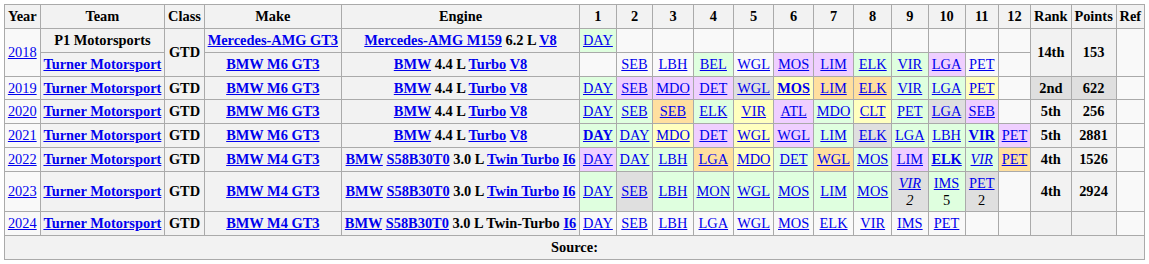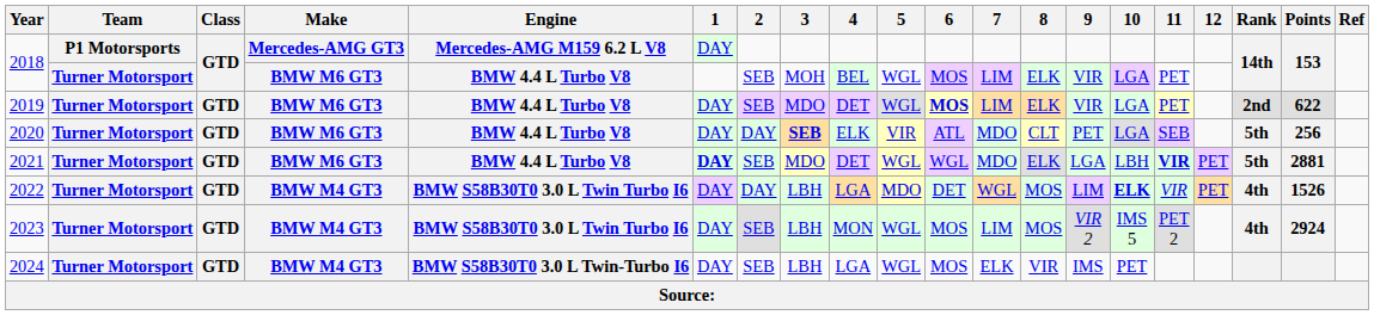 <table class="wikitable" style="text-align:center; font-size:90%">
 <tr>
 <th>Year</th>
 <th>Team</th>
 <th>Class</th>
 <th>Make</th>
 <th>Engine</th>
 <th>1</th>
 <th>2</th>
 <th>3</th>
 <th>4</th>
 <th>5</th>
 <th>6</th>
 <th>7</th>
 <th>8</th>
 <th>9</th>
 <th>10</th>
 <th>11</th>
 <th>12</th>
 <th>Rank</th>
 <th>Points</th>
 <th>Ref</th>
 </tr>
 <tr>
 <td rowspan=2><a href='#'>2018</a></td>
 <th>P1 Motorsports</th>
 <th rowspan=2>GTD</th>
 <th><a href='#'>Mercedes-AMG GT3</a></th>
 <th><a href='#'>Mercedes-AMG M159</a> 6.2 L <a href='#'>V8</a></th>
 <td style="background:#DFFFDF;"><a href='#'>DAY</a><br></td>
 <td></td>
 <td></td>
 <td></td>
 <td></td>
 <td></td>
 <td></td>
 <td></td>
 <td></td>
 <td></td>
 <td></td>
 <td></td>
 <th rowspan=2>14th</th>
 <th rowspan=2>153</th>
 <td rowspan="2"></td>
 </tr>
 <tr>
 <th><a href='#'>Turner Motorsport</a></th>
 <th><a href='#'>BMW M6 GT3</a></th>
 <th><a href='#'>BMW</a> 4.4 L <a href='#'>Turbo</a> <a href='#'>V8</a></th>
 <td></td>
 <td><a href='#'>SEB</a></td>
-<td><a href='#'>LBH</a></td>
+<td><a href='#'>MOH</a></td>
 <td style="background:#DFFFDF;"><a href='#'>BEL</a><br></td>
 <td><a href='#'>WGL</a></td>
 <td style="background:#EFCFFF;"><a href='#'>MOS</a><br></td>
 <td style="background:#EFCFFF;"><a href='#'>LIM</a><br></td>
 <td style="background:#DFFFDF;"><a href='#'>ELK</a><br></td>
 <td style="background:#DFFFDF;"><a href='#'>VIR</a><br></td>
 <td style="background:#EFCFFF;"><a href='#'>LGA</a><br></td>
 <td><a href='#'>PET</a></td>
 <td></td>
 </tr>
 <tr>
 <td><a href='#'>2019</a></td>
 <th><a href='#'>Turner Motorsport</a></th>
 <th>GTD</th>
 <th><a href='#'>BMW M6 GT3</a></th>
 <th><a href='#'>BMW</a> 4.4 L <a href='#'>Turbo</a> <a href='#'>V8</a></th>
 <td style="background:#DFFFDF;"><a href='#'>DAY</a><br></td>
 <td style="background:#EFCFFF;"><a href='#'>SEB</a><br></td>
 <td style="background:#EFCFFF;"><a href='#'>MDO</a><br></td>
 <td style="background:#EFCFFF;"><a href='#'>DET</a><br></td>
 <td style="background:#DFDFDF;"><a href='#'>WGL</a><br></td>
 <td style="background:#FFFFBF;"><strong><a href='#'>MOS</a></strong><br></td>
 <td style="background:#FFDF9F;"><a href='#'>LIM</a><br></td>
 <td style="background:#FFDF9F;"><a href='#'>ELK</a><br></td>
 <td style="background:#DFFFDF;"><a href='#'>VIR</a><br></td>
 <td style="background:#DFFFDF;"><a href='#'>LGA</a><br></td>
 <td style="background:#FFFFBF;"><a href='#'>PET</a><br></td>
 <td></td>
 <th style="background:#DFDFDF;">2nd</th>
 <th style="background:#DFDFDF;">622</th>
 <td></td>
 </tr>
 <tr>
 <td><a href='#'>2020</a></td>
 <th><a href='#'>Turner Motorsport</a></th>
 <th>GTD</th>
 <th><a href='#'>BMW M6 GT3</a></th>
 <th><a href='#'>BMW</a> 4.4 L <a href='#'>Turbo</a> <a href='#'>V8</a></th>
 <td style="background:#DFFFDF;"><a href='#'>DAY</a><br></td>
-<td style="background:#DFFFDF;"><a href='#'>SEB</a><br></td>
-<td style="background:#FFDF9F;"><a href='#'>SEB</a><br></td>
+<td style="background:#DFFFDF;"><a href='#'>DAY</a><br></td>
+<td style="background:#FFDF9F;"><strong><a href='#'>SEB</a><br></strong></td>
 <td style="background:#DFFFDF;"><a href='#'>ELK</a><br></td>
 <td style="background:#FFFFBF;"><a href='#'>VIR</a><br></td>
 <td style="background:#EFCFFF;"><a href='#'>ATL</a><br></td>
 <td style="background:#DFFFDF;"><a href='#'>MDO</a><br></td>
 <td style="background:#FFFFBF;"><a href='#'>CLT</a><br></td>
 <td style="background:#DFFFDF;"><a href='#'>PET</a><br></td>
 <td style="background:#DFDFDF;"><a href='#'>LGA</a><br></td>
 <td style="background:#EFCFFF;"><a href='#'>SEB</a><br></td>
 <td></td>
 <th>5th</th>
 <th>256</th>
 <td></td>
 </tr>
 <tr>
 <td><a href='#'>2021</a></td>
 <th><a href='#'>Turner Motorsport</a></th>
 <th>GTD</th>
 <th><a href='#'>BMW M6 GT3</a></th>
 <th><a href='#'>BMW</a> 4.4 L <a href='#'>Turbo</a> <a href='#'>V8</a></th>
 <td style="background:#DFFFDF;"><strong><a href='#'>DAY</a></strong><br></td>
-<td style="background:#DFFFDF;"><a href='#'>DAY</a><br></td>
+<td style="background:#DFFFDF;"><a href='#'>SEB</a><br></td>
 <td style="background:#FFFFBF;"><a href='#'>MDO</a><br></td>
 <td style="background:#EFCFFF;"><a href='#'>DET</a><br></td>
 <td style="background:#FFFFBF;"><a href='#'>WGL</a><br></td>
 <td style="background:#EFCFFF;"><a href='#'>WGL</a><br></td>
-<td style="background:#DFFFDF;"><a href='#'>LIM</a><br></td>
+<td style="background:#DFFFDF;"><a href='#'>MDO</a><br></td>
 <td style="background:#DFDFDF;"><a href='#'>ELK</a><br></td>
 <td style="background:#DFFFDF;"><a href='#'>LGA</a><br></td>
 <td style="background:#DFFFDF;"><a href='#'>LBH</a><br></td>
 <td style="background:#DFFFDF;"><strong><a href='#'>VIR</a></strong><br></td>
 <td style="background:#EFCFFF;"><a href='#'>PET</a><br></td>
 <th>5th</th>
 <th>2881</th>
 <td></td>
 </tr>
 <tr>
 <td><a href='#'>2022</a></td>
 <th><a href='#'>Turner Motorsport</a></th>
 <th>GTD</th>
 <th><a href='#'>BMW M4 GT3</a></th>
 <th><a href='#'>BMW</a> <a href='#'>S58B30T0</a> 3.0 L <a href='#'>Twin Turbo</a> <a href='#'>I6</a></th>
 <td style="background:#EFCFFF;"><a href='#'>DAY</a><br></td>
 <td style="background:#DFFFDF;"><a href='#'>DAY</a><br></td>
 <td style="background:#DFFFDF;"><a href='#'>LBH</a><br></td>
 <td style="background:#FFDF9F;"><a href='#'>LGA</a><br></td>
 <td style="background:#FFFFBF;"><a href='#'>MDO</a><br></td>
 <td style="background:#DFFFDF;"><a href='#'>DET</a><br></td>
 <td style="background:#FFDF9F;"><a href='#'>WGL</a><br></td>
 <td style="background:#DFFFDF;"><a href='#'>MOS</a><br></td>
 <td style="background:#efcfff;"><a href='#'>LIM</a><br></td>
 <td style="background:#dfffdf;"><strong><a href='#'>ELK</a><br></strong></td>
 <td style="background:#dfffdf;"><em><a href='#'>VIR</a><br></em></td>
 <td style="background:#ffdf9f;"><a href='#'>PET</a><br></td>
 <th>4th</th>
 <th>1526</th>
 <td></td>
 </tr>
 <tr>
 <td><a href='#'>2023</a></td>
 <th><a href='#'>Turner Motorsport</a></th>
 <th>GTD</th>
 <th><a href='#'>BMW M4 GT3</a></th>
 <th><a href='#'>BMW</a> <a href='#'>S58B30T0</a> 3.0 L <a href='#'>Twin Turbo</a> <a href='#'>I6</a></th>
 <td style="background:#DFFFDF;"><a href='#'>DAY</a><br></td>
 <td style="background:#DFDFDF;"><a href='#'>SEB</a><br></td>
 <td style="background:#DFFFDF;"><a href='#'>LBH</a><br></td>
 <td style="background:#DFFFDF;"><a href='#'>MON</a><br></td>
 <td style="background:#DFFFDF;"><a href='#'>WGL</a><br></td>
 <td style="background:#DFFFDF;"><a href='#'>MOS</a><br></td>
 <td style="background:#DFFFDF;"><a href='#'>LIM</a><br></td>
 <td style="background:#DFFFDF;"><a href='#'>MOS</a><br></td>
 <td style="background:#DFDFDF;"><em><a href='#'>VIR</a><br>2</em></td>
 <td style="background:#DFFFDF;"><a href='#'>IMS</a><br>5</td>
 <td style="background:#DFDFDF;"><a href='#'>PET</a><br>2</td>
 <td></td>
 <th>4th</th>
 <th>2924</th>
 <td></td>
 </tr>
 <tr>
 <td><a href='#'>2024</a></td>
 <th><a href='#'>Turner Motorsport</a></th>
 <th>GTD</th>
 <th><a href='#'>BMW M4 GT3</a></th>
 <th><a href='#'>BMW</a> <a href='#'>S58B30T0</a> 3.0 L Twin-Turbo <a href='#'>I6</a></th>
 <td><a href='#'>DAY</a></td>
 <td><a href='#'>SEB</a></td>
 <td><a href='#'>LBH</a></td>
 <td><a href='#'>LGA</a></td>
 <td><a href='#'>WGL</a></td>
 <td><a href='#'>MOS</a></td>
 <td><a href='#'>ELK</a></td>
 <td><a href='#'>VIR</a></td>
 <td><a href='#'>IMS</a></td>
 <td><a href='#'>PET</a></td>
 <td></td>
 <td></td>
 <th></th>
 <th></th>
 <td></td>
 </tr>
 <tr>
 <th colspan="20">Source:</th>
 </tr>
 </table>
